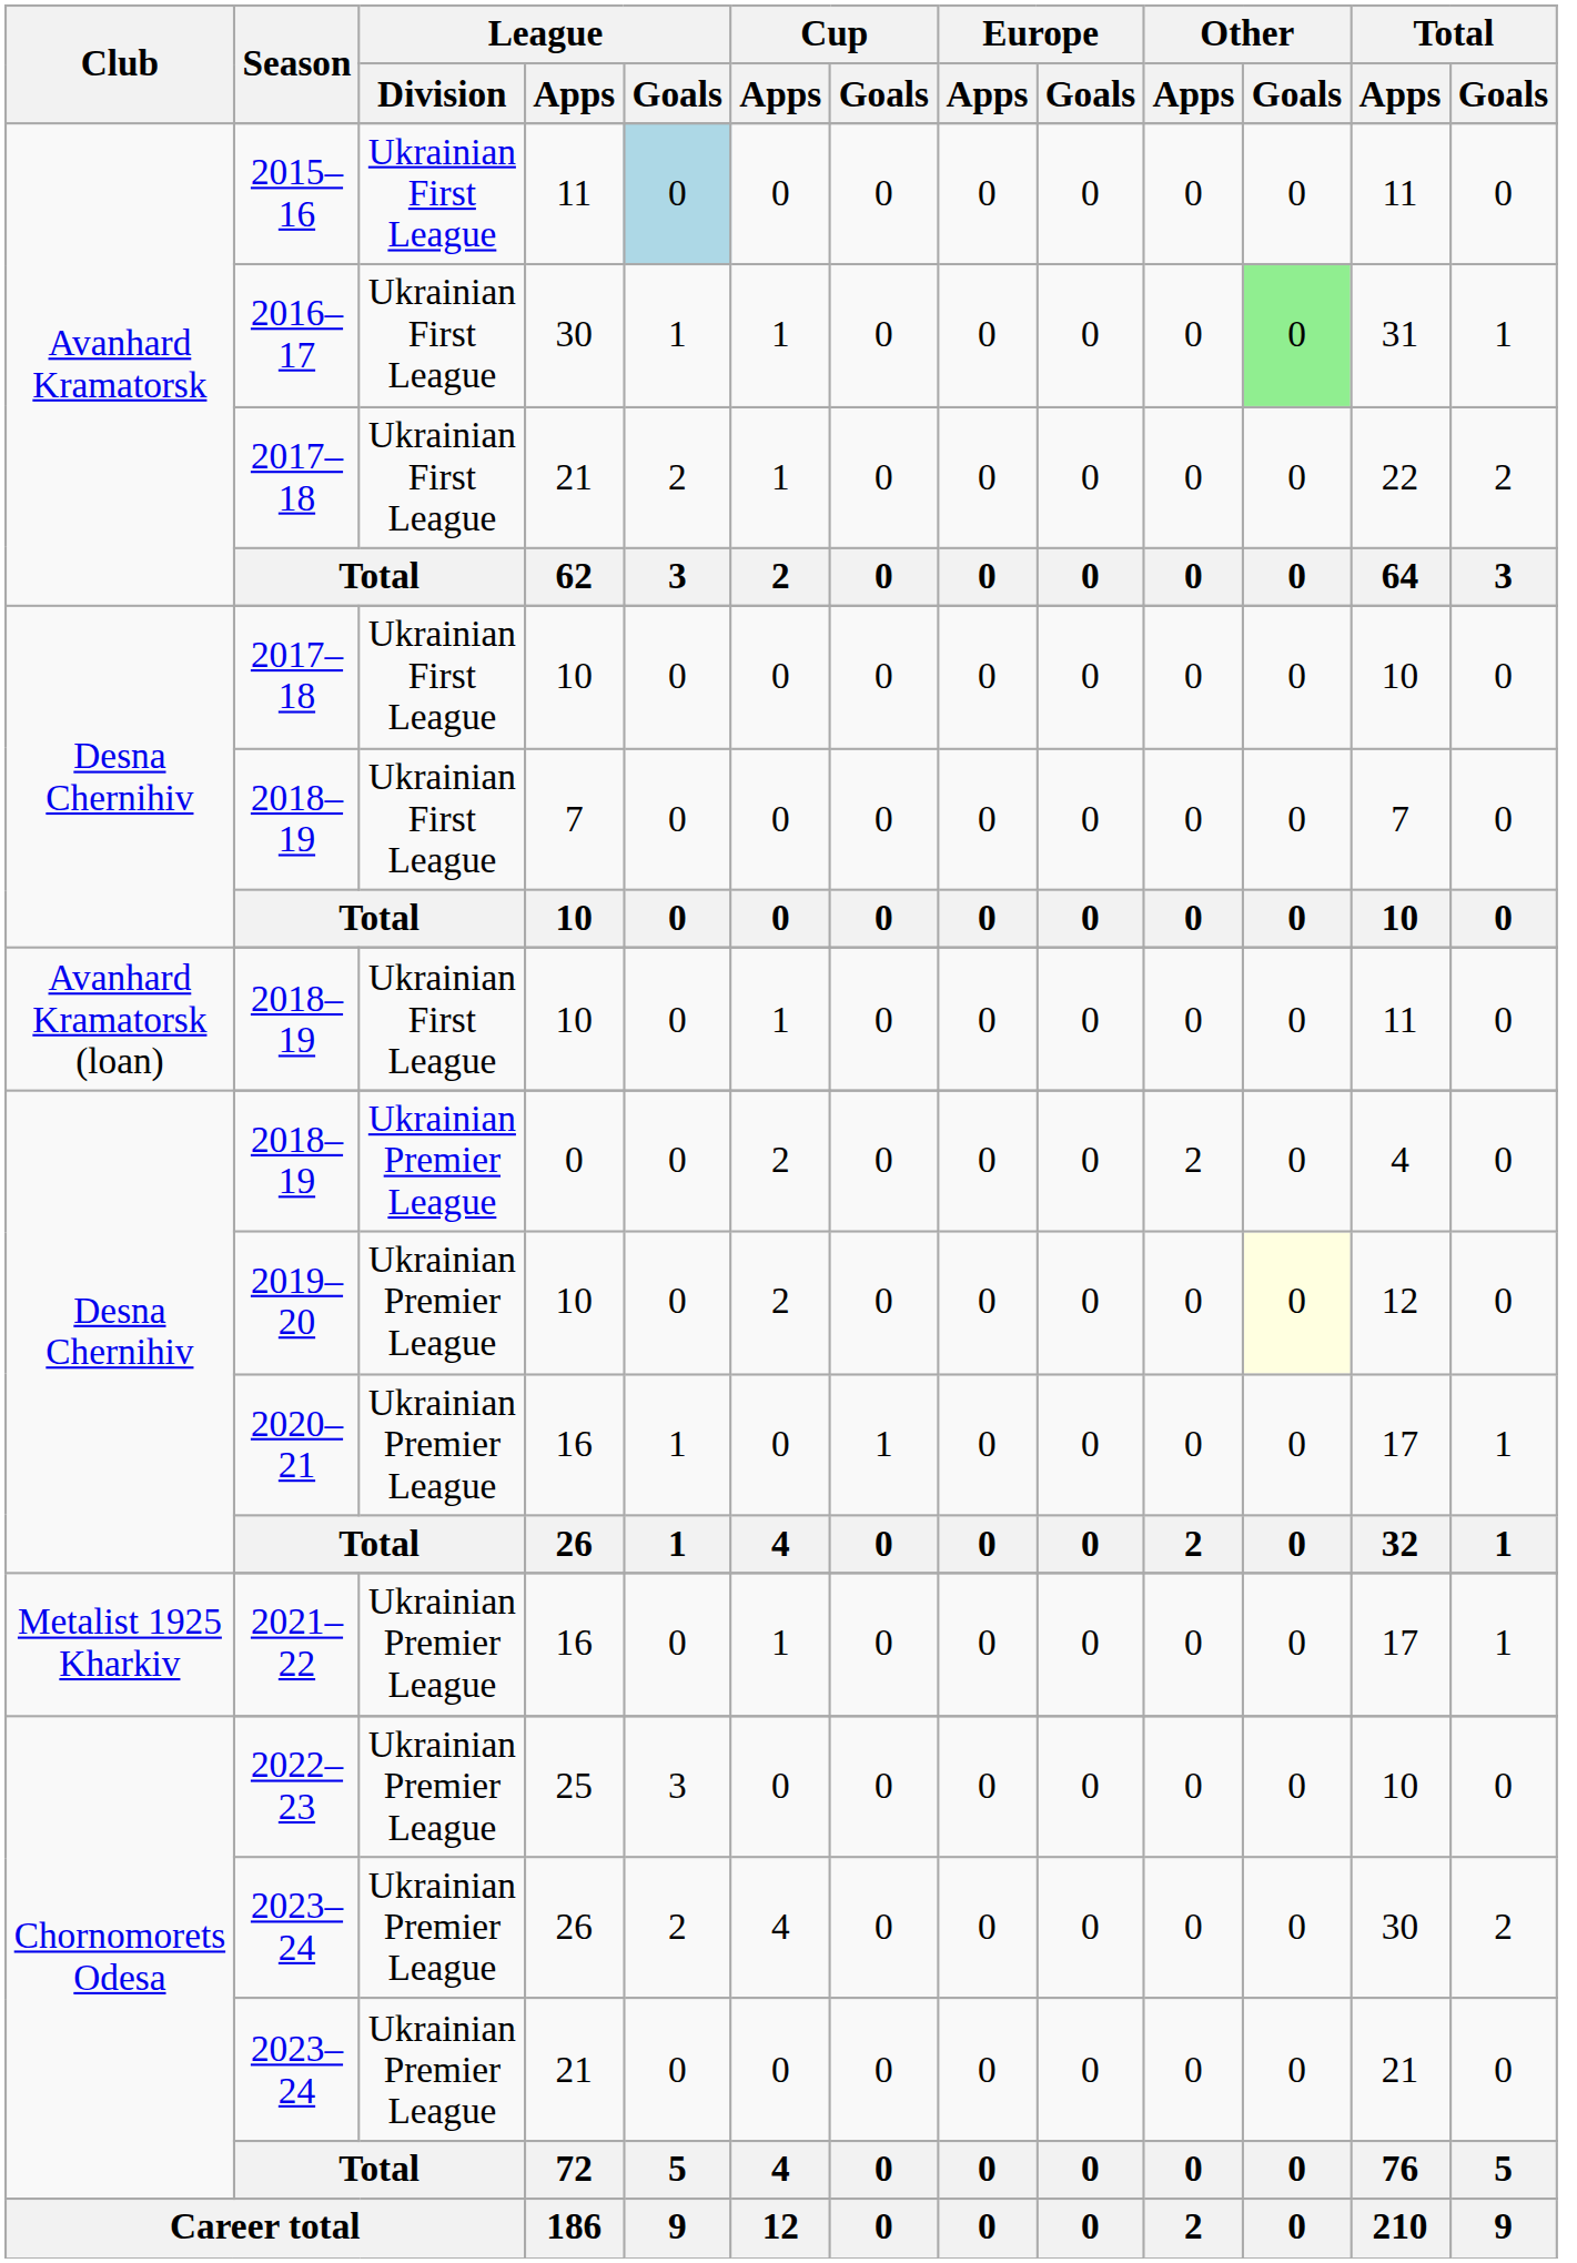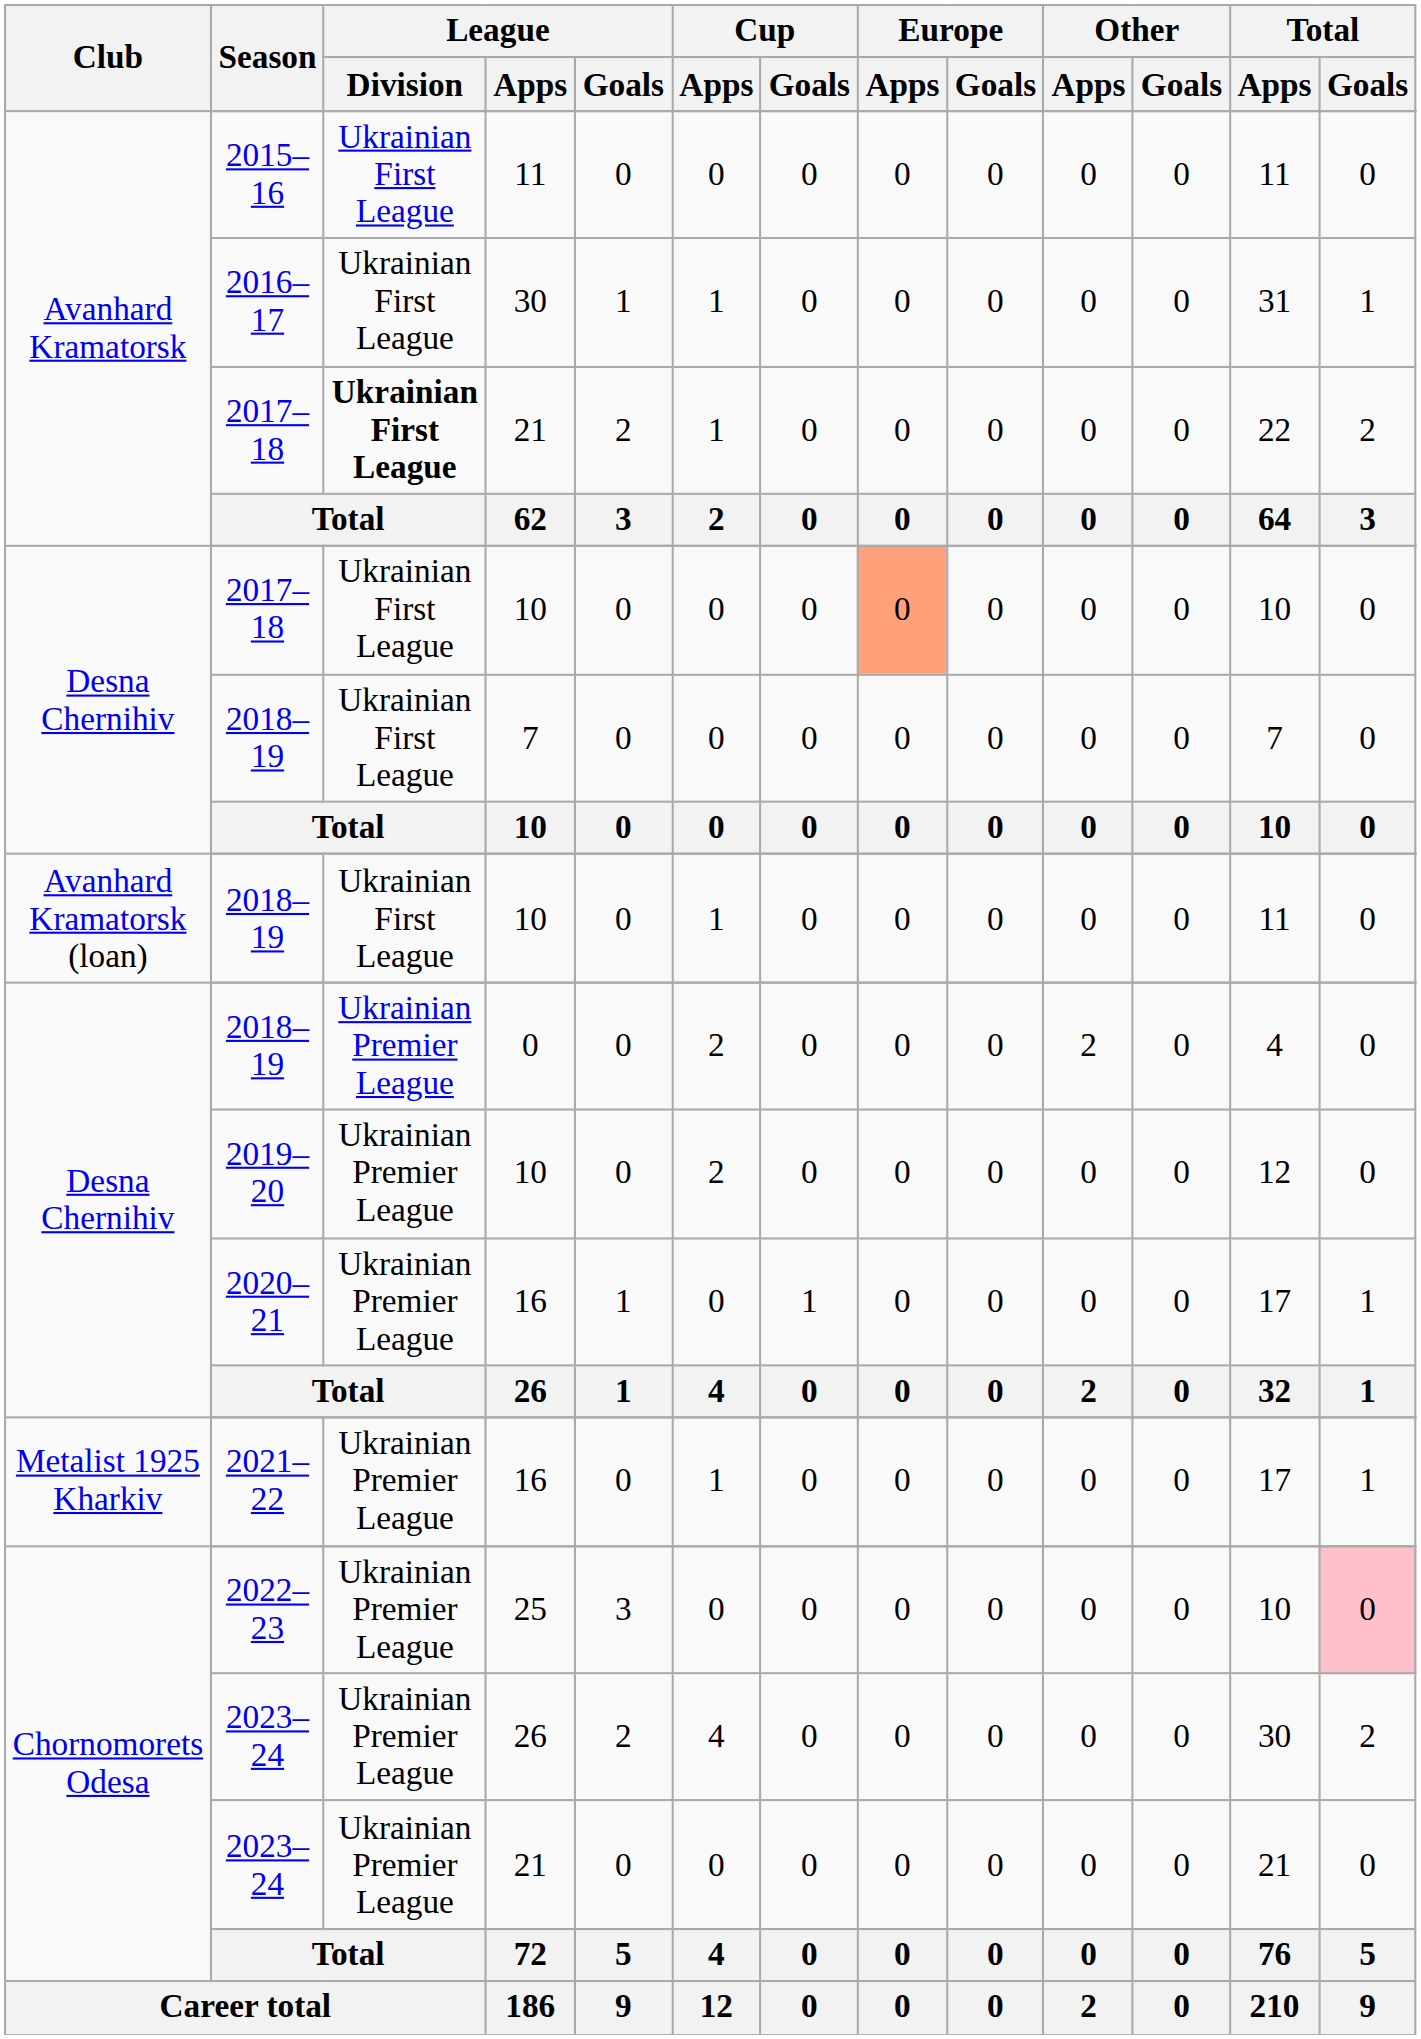 <table class="wikitable" style="text-align:center">
 <tr>
 <th rowspan="2">Club</th>
 <th rowspan="2">Season</th>
 <th colspan="3">League</th>
 <th colspan="2">Cup</th>
 <th colspan="2">Europe</th>
 <th colspan="2">Other</th>
 <th colspan="2">Total</th>
 </tr>
 <tr>
 <th>Division</th>
 <th>Apps</th>
 <th>Goals</th>
 <th>Apps</th>
 <th>Goals</th>
 <th>Apps</th>
 <th>Goals</th>
 <th>Apps</th>
 <th>Goals</th>
 <th>Apps</th>
 <th>Goals</th>
 </tr>
 <tr>
 <td rowspan="5"><a href='#'>Avanhard Kramatorsk</a></td>
 </tr>
 <tr>
 <td><a href='#'>2015–16</a></td>
 <td><a href='#'>Ukrainian First League</a></td>
 <td>11</td>
-<td style="background: lightblue;">0</td>
+<td>0</td>
 <td>0</td>
 <td>0</td>
 <td>0</td>
 <td>0</td>
 <td>0</td>
 <td>0</td>
 <td>11</td>
 <td>0</td>
 </tr>
 <tr>
 <td><a href='#'>2016–17</a></td>
 <td>Ukrainian First League</td>
 <td>30</td>
 <td>1</td>
 <td>1</td>
 <td>0</td>
 <td>0</td>
 <td>0</td>
 <td>0</td>
-<td style="background: lightgreen;">0</td>
+<td>0</td>
 <td>31</td>
 <td>1</td>
 </tr>
 <tr>
 <td><a href='#'>2017–18</a></td>
-<td>Ukrainian First League</td>
+<td><strong>Ukrainian First League</strong></td>
 <td>21</td>
 <td>2</td>
 <td>1</td>
 <td>0</td>
 <td>0</td>
 <td>0</td>
 <td>0</td>
 <td>0</td>
 <td>22</td>
 <td>2</td>
 </tr>
 <tr>
 <th colspan="2">Total</th>
 <th>62</th>
 <th>3</th>
 <th>2</th>
 <th>0</th>
 <th>0</th>
 <th>0</th>
 <th>0</th>
 <th>0</th>
 <th>64</th>
 <th>3</th>
 </tr>
 <tr>
 <td rowspan="4"><a href='#'>Desna Chernihiv</a></td>
 </tr>
 <tr>
 <td><a href='#'>2017–18</a></td>
 <td>Ukrainian First League</td>
 <td>10</td>
 <td>0</td>
 <td>0</td>
 <td>0</td>
-<td>0</td>
+<td style="background: lightsalmon;">0</td>
 <td>0</td>
 <td>0</td>
 <td>0</td>
 <td>10</td>
 <td>0</td>
 </tr>
 <tr>
 <td><a href='#'>2018–19</a></td>
 <td>Ukrainian First League</td>
 <td>7</td>
 <td>0</td>
 <td>0</td>
 <td>0</td>
 <td>0</td>
 <td>0</td>
 <td>0</td>
 <td>0</td>
 <td>7</td>
 <td>0</td>
 </tr>
 <tr>
 <th colspan="2">Total</th>
 <th>10</th>
 <th>0</th>
 <th>0</th>
 <th>0</th>
 <th>0</th>
 <th>0</th>
 <th>0</th>
 <th>0</th>
 <th>10</th>
 <th>0</th>
 </tr>
 <tr>
 <td rowspan="2"><a href='#'>Avanhard Kramatorsk</a> (loan)</td>
 </tr>
 <tr>
 <td><a href='#'>2018–19</a></td>
 <td>Ukrainian First League</td>
 <td>10</td>
 <td>0</td>
 <td>1</td>
 <td>0</td>
 <td>0</td>
 <td>0</td>
 <td>0</td>
 <td>0</td>
 <td>11</td>
 <td>0</td>
 </tr>
 <tr>
 <td rowspan="5"><a href='#'>Desna Chernihiv</a></td>
 </tr>
 <tr>
 <td><a href='#'>2018–19</a></td>
 <td><a href='#'>Ukrainian Premier League</a></td>
 <td>0</td>
 <td>0</td>
 <td>2</td>
 <td>0</td>
 <td>0</td>
 <td>0</td>
 <td>2</td>
 <td>0</td>
 <td>4</td>
 <td>0</td>
 </tr>
 <tr>
 <td><a href='#'>2019–20</a></td>
 <td>Ukrainian Premier League</td>
 <td>10</td>
 <td>0</td>
 <td>2</td>
 <td>0</td>
 <td>0</td>
 <td>0</td>
 <td>0</td>
-<td style="background: lightyellow;">0</td>
+<td>0</td>
 <td>12</td>
 <td>0</td>
 </tr>
 <tr>
 <td><a href='#'>2020–21</a></td>
 <td>Ukrainian Premier League</td>
 <td>16</td>
 <td>1</td>
 <td>0</td>
 <td>1</td>
 <td>0</td>
 <td>0</td>
 <td>0</td>
 <td>0</td>
 <td>17</td>
 <td>1</td>
 </tr>
 <tr>
 <th colspan="2">Total</th>
 <th>26</th>
 <th>1</th>
 <th>4</th>
 <th>0</th>
 <th>0</th>
 <th>0</th>
 <th>2</th>
 <th>0</th>
 <th>32</th>
 <th>1</th>
 </tr>
 <tr>
 <td rowspan="2"><a href='#'>Metalist 1925 Kharkiv</a></td>
 </tr>
 <tr>
 <td><a href='#'>2021–22</a></td>
 <td>Ukrainian Premier League</td>
 <td>16</td>
 <td>0</td>
 <td>1</td>
 <td>0</td>
 <td>0</td>
 <td>0</td>
 <td>0</td>
 <td>0</td>
 <td>17</td>
 <td>1</td>
 </tr>
 <tr>
 <td rowspan="5"><a href='#'>Chornomorets Odesa</a></td>
 </tr>
 <tr>
 <td><a href='#'>2022–23</a></td>
 <td>Ukrainian Premier League</td>
 <td>25</td>
 <td>3</td>
 <td>0</td>
 <td>0</td>
 <td>0</td>
 <td>0</td>
 <td>0</td>
 <td>0</td>
 <td>10</td>
-<td>0</td>
+<td style="background: pink;">0</td>
 </tr>
 <tr>
 <td><a href='#'>2023–24</a></td>
 <td>Ukrainian Premier League</td>
 <td>26</td>
 <td>2</td>
 <td>4</td>
 <td>0</td>
 <td>0</td>
 <td>0</td>
 <td>0</td>
 <td>0</td>
 <td>30</td>
 <td>2</td>
 </tr>
 <tr>
 <td><a href='#'>2023–24</a></td>
 <td>Ukrainian Premier League</td>
 <td>21</td>
 <td>0</td>
 <td>0</td>
 <td>0</td>
 <td>0</td>
 <td>0</td>
 <td>0</td>
 <td>0</td>
 <td>21</td>
 <td>0</td>
 </tr>
 <tr>
 <th colspan="2">Total</th>
 <th>72</th>
 <th>5</th>
 <th>4</th>
 <th>0</th>
 <th>0</th>
 <th>0</th>
 <th>0</th>
 <th>0</th>
 <th>76</th>
 <th>5</th>
 </tr>
 <tr>
 <th colspan="3">Career total</th>
 <th>186</th>
 <th>9</th>
 <th>12</th>
 <th>0</th>
 <th>0</th>
 <th>0</th>
 <th>2</th>
 <th>0</th>
 <th>210</th>
 <th>9</th>
 </tr>
 </table>
